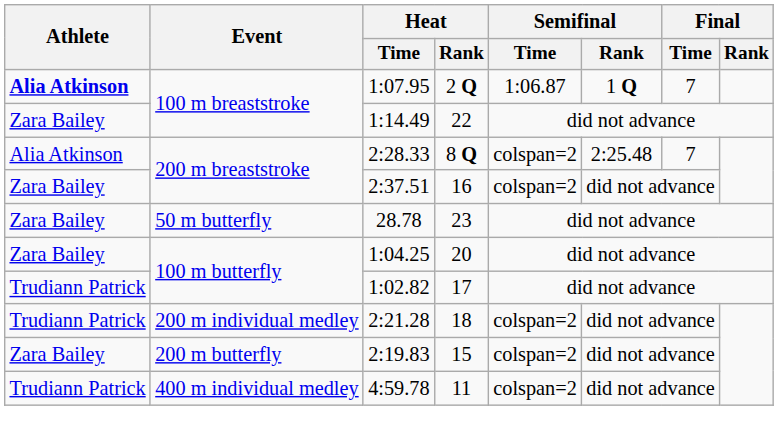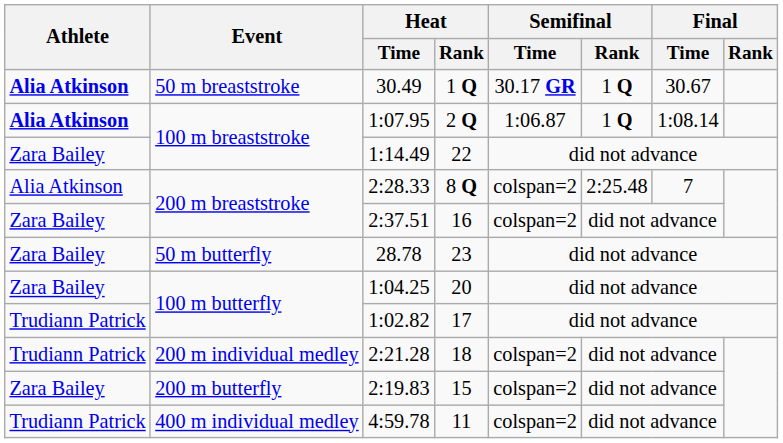 <table class=wikitable style=font-size:90%>
 <tr>
 <th rowspan=2>Athlete</th>
 <th rowspan=2>Event</th>
 <th colspan=2>Heat</th>
 <th colspan=2>Semifinal</th>
 <th colspan=2>Final</th>
 </tr>
 <tr style=font-size:95%>
 <th>Time</th>
 <th>Rank</th>
 <th>Time</th>
 <th>Rank</th>
 <th>Time</th>
 <th>Rank</th>
 </tr>
 <tr align=center>
 <td align=left><strong><a href='#'>Alia Atkinson</a></strong></td>
+<td align=left><a href='#'>50 m breaststroke</a></td>
+<td>30.49</td>
+<td>1 <strong>Q</strong></td>
+<td>30.17 <strong><a href='#'>GR</a></strong></td>
+<td>1 <strong>Q</strong></td>
+<td>30.67</td>
+<td></td>
+</tr>
+<tr align=center>
+<td align=left><strong><a href='#'>Alia Atkinson</a></strong></td>
 <td align=left rowspan=2><a href='#'>100 m breaststroke</a></td>
 <td>1:07.95</td>
 <td>2 <strong>Q</strong></td>
 <td>1:06.87</td>
 <td>1 <strong>Q</strong></td>
-<td>7</td>
+<td>1:08.14</td>
 <td></td>
 </tr>
 <tr align=center>
 <td align=left><a href='#'>Zara Bailey</a></td>
 <td>1:14.49</td>
 <td>22</td>
 <td colspan=4>did not advance</td>
 </tr>
 <tr align=center>
 <td align=left><a href='#'>Alia Atkinson</a></td>
 <td align=left rowspan=2><a href='#'>200 m breaststroke</a></td>
 <td>2:28.33</td>
 <td>8 <strong>Q</strong></td>
 <td>colspan=2 </td>
 <td>2:25.48</td>
 <td>7</td>
 </tr>
 <tr align=center>
 <td align=left><a href='#'>Zara Bailey</a></td>
 <td>2:37.51</td>
 <td>16</td>
 <td>colspan=2 </td>
 <td colspan=2>did not advance</td>
 </tr>
 <tr align=center>
 <td align=left><a href='#'>Zara Bailey</a></td>
 <td align=left><a href='#'>50 m butterfly</a></td>
 <td>28.78</td>
 <td>23</td>
 <td colspan=4>did not advance</td>
 </tr>
 <tr align=center>
 <td align=left><a href='#'>Zara Bailey</a></td>
 <td align=left rowspan=2><a href='#'>100 m butterfly</a></td>
 <td>1:04.25</td>
 <td>20</td>
 <td colspan=4>did not advance</td>
 </tr>
 <tr align=center>
 <td align=left><a href='#'>Trudiann Patrick</a></td>
 <td>1:02.82</td>
 <td>17</td>
 <td colspan=4>did not advance</td>
 </tr>
 <tr align=center>
 <td align=left><a href='#'>Trudiann Patrick</a></td>
 <td align=left><a href='#'>200 m individual medley</a></td>
 <td>2:21.28</td>
 <td>18</td>
 <td>colspan=2 </td>
 <td colspan=2>did not advance</td>
 </tr>
 <tr align=center>
 <td align=left><a href='#'>Zara Bailey</a></td>
 <td align=left><a href='#'>200 m butterfly</a></td>
 <td>2:19.83</td>
 <td>15</td>
 <td>colspan=2 </td>
 <td colspan=2>did not advance</td>
 </tr>
 <tr align=center>
 <td align=left><a href='#'>Trudiann Patrick</a></td>
 <td align=left><a href='#'>400 m individual medley</a></td>
 <td>4:59.78</td>
 <td>11</td>
 <td>colspan=2 </td>
 <td colspan=2>did not advance</td>
 </tr>
 </table>
